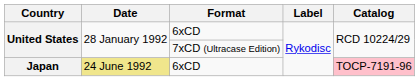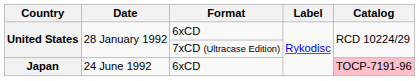 <table class="wikitable plainrowheaders">
 <tr>
 <th scope="col">Country</th>
 <th scope="col">Date</th>
 <th scope="col">Format</th>
 <th scope="col">Label</th>
 <th scope="col">Catalog</th>
 </tr>
 <tr>
 <th scope="row" rowspan="2">United States</th>
 <td rowspan="2">28 January 1992</td>
 <td>6xCD</td>
 <td rowspan="3"><a href='#'>Rykodisc</a></td>
 <td rowspan="2">RCD 10224/29</td>
 </tr>
 <tr>
 <td>7xCD <small>(Ultracase Edition)</small></td>
 </tr>
 <tr>
 <th scope="row">Japan</th>
-<td style="background: khaki;">24 June 1992</td>
+<td>24 June 1992</td>
 <td>6xCD</td>
 <td style="background: pink;">TOCP-7191-96</td>
 </tr>
 </table>
